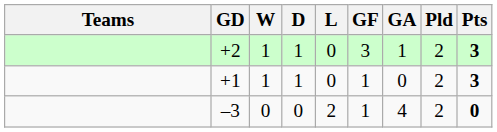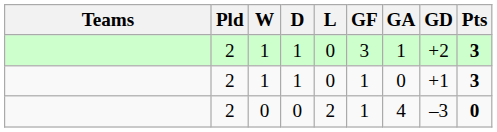 <table class="wikitable" style="text-align: center;">
 <tr>
 <th width=165>Teams</th>
-<th width=20>GD</th>
+<th width=20>Pld</th>
 <th width=20>W</th>
 <th width=20>D</th>
 <th width=20>L</th>
 <th width=20>GF</th>
 <th width=20>GA</th>
-<th width=20>Pld</th>
+<th width=20>GD</th>
 <th width=20>Pts</th>
 </tr>
 <tr align=center style="background:#ccffcc;">
 <td style="text-align:left;"></td>
-<td>+2</td>
+<td>2</td>
 <td>1</td>
 <td>1</td>
 <td>0</td>
 <td>3</td>
 <td>1</td>
-<td>2</td>
+<td>+2</td>
 <td><strong>3</strong></td>
 </tr>
 <tr align=center>
 <td style="text-align:left;"></td>
-<td>+1</td>
+<td>2</td>
 <td>1</td>
 <td>1</td>
 <td>0</td>
 <td>1</td>
 <td>0</td>
-<td>2</td>
+<td>+1</td>
 <td><strong>3</strong></td>
 </tr>
 <tr align=center>
 <td style="text-align:left;"></td>
-<td>–3</td>
+<td>2</td>
 <td>0</td>
 <td>0</td>
 <td>2</td>
 <td>1</td>
 <td>4</td>
-<td>2</td>
+<td>–3</td>
 <td><strong>0</strong></td>
 </tr>
 </table>
